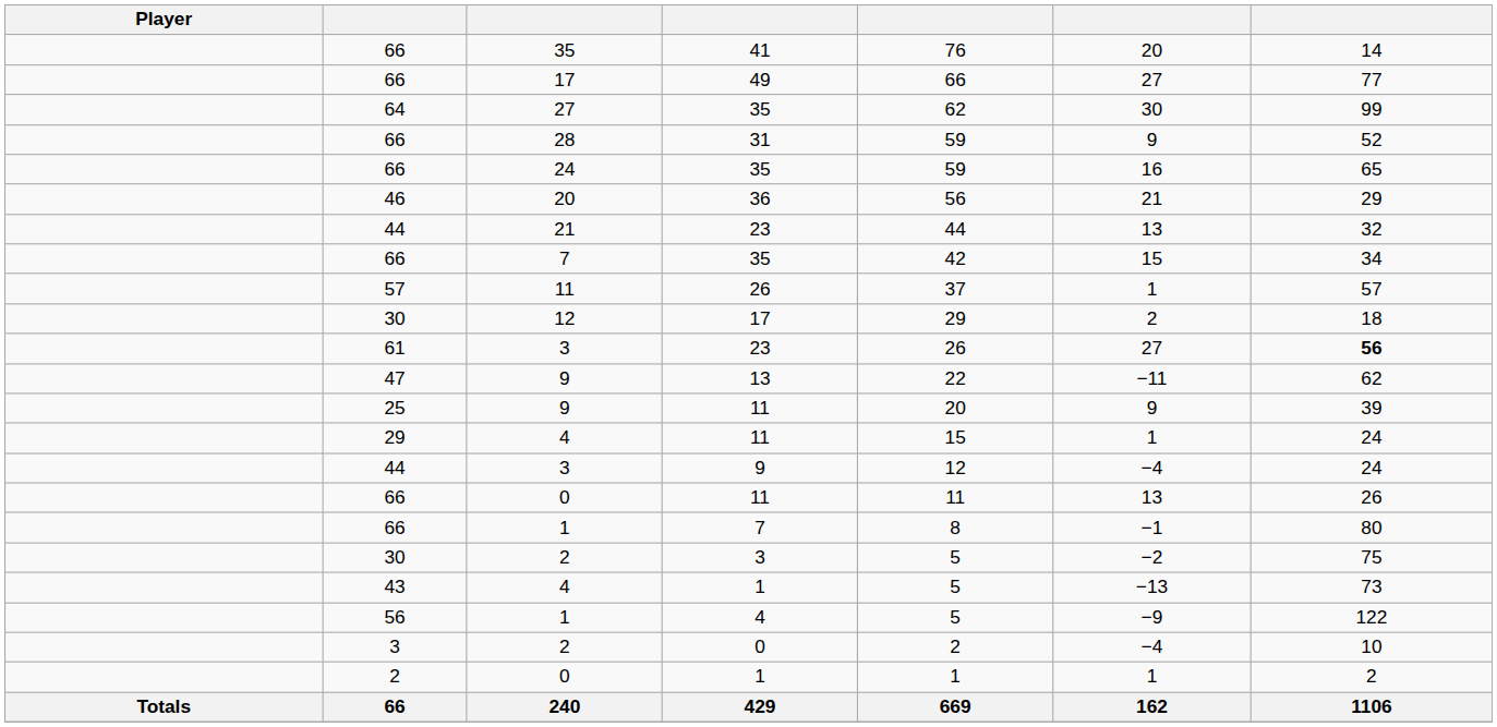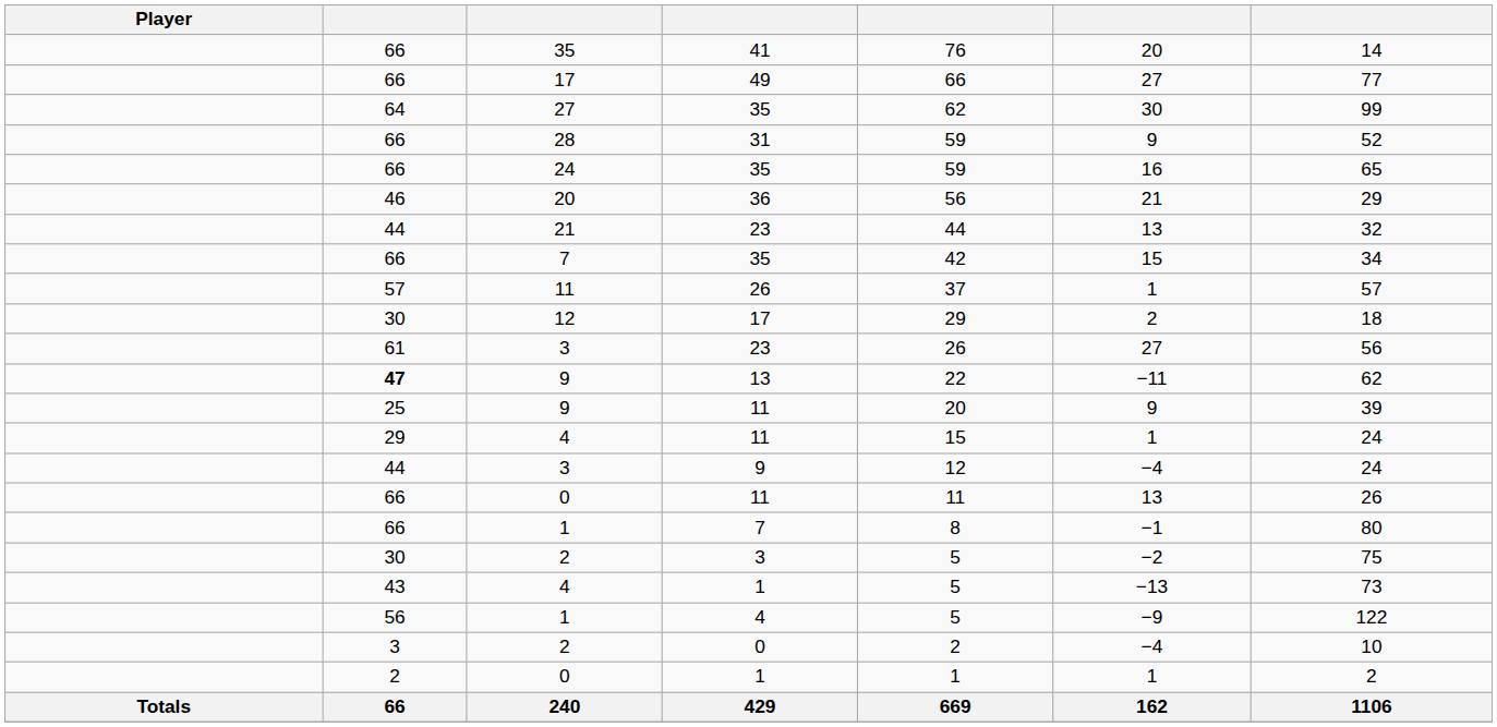 <table class="wikitable sortable" style="width:100%;">
 <tr align=center>
 <th>Player</th>
 <th></th>
 <th></th>
 <th></th>
 <th></th>
 <th data-sort-type="number"></th>
 <th></th>
 </tr>
 <tr align=center>
 <td></td>
 <td>66</td>
 <td>35</td>
 <td>41</td>
 <td>76</td>
 <td>20</td>
 <td>14</td>
 </tr>
 <tr align=center>
 <td></td>
 <td>66</td>
 <td>17</td>
 <td>49</td>
 <td>66</td>
 <td>27</td>
 <td>77</td>
 </tr>
 <tr align=center>
 <td></td>
 <td>64</td>
 <td>27</td>
 <td>35</td>
 <td>62</td>
 <td>30</td>
 <td>99</td>
 </tr>
 <tr align=center>
 <td></td>
 <td>66</td>
 <td>28</td>
 <td>31</td>
 <td>59</td>
 <td>9</td>
 <td>52</td>
 </tr>
 <tr align=center>
 <td></td>
 <td>66</td>
 <td>24</td>
 <td>35</td>
 <td>59</td>
 <td>16</td>
 <td>65</td>
 </tr>
 <tr align=center>
 <td></td>
 <td>46</td>
 <td>20</td>
 <td>36</td>
 <td>56</td>
 <td>21</td>
 <td>29</td>
 </tr>
 <tr align=center>
 <td></td>
 <td>44</td>
 <td>21</td>
 <td>23</td>
 <td>44</td>
 <td>13</td>
 <td>32</td>
 </tr>
 <tr align=center>
 <td></td>
 <td>66</td>
 <td>7</td>
 <td>35</td>
 <td>42</td>
 <td>15</td>
 <td>34</td>
 </tr>
 <tr align=center>
 <td></td>
 <td>57</td>
 <td>11</td>
 <td>26</td>
 <td>37</td>
 <td>1</td>
 <td>57</td>
 </tr>
 <tr align=center>
 <td></td>
 <td>30</td>
 <td>12</td>
 <td>17</td>
 <td>29</td>
 <td>2</td>
 <td>18</td>
 </tr>
 <tr align=center>
 <td></td>
 <td>61</td>
 <td>3</td>
 <td>23</td>
 <td>26</td>
 <td>27</td>
-<td><strong>56</strong></td>
+<td>56</td>
 </tr>
 <tr align=center>
 <td></td>
-<td>47</td>
+<td><strong>47</strong></td>
 <td>9</td>
 <td>13</td>
 <td>22</td>
 <td>−11</td>
 <td>62</td>
 </tr>
 <tr align=center>
 <td></td>
 <td>25</td>
 <td>9</td>
 <td>11</td>
 <td>20</td>
 <td>9</td>
 <td>39</td>
 </tr>
 <tr align=center>
 <td></td>
 <td>29</td>
 <td>4</td>
 <td>11</td>
 <td>15</td>
 <td>1</td>
 <td>24</td>
 </tr>
 <tr align=center>
 <td></td>
 <td>44</td>
 <td>3</td>
 <td>9</td>
 <td>12</td>
 <td>−4</td>
 <td>24</td>
 </tr>
 <tr align=center>
 <td></td>
 <td>66</td>
 <td>0</td>
 <td>11</td>
 <td>11</td>
 <td>13</td>
 <td>26</td>
 </tr>
 <tr align=center>
 <td></td>
 <td>66</td>
 <td>1</td>
 <td>7</td>
 <td>8</td>
 <td>−1</td>
 <td>80</td>
 </tr>
 <tr align=center>
 <td></td>
 <td>30</td>
 <td>2</td>
 <td>3</td>
 <td>5</td>
 <td>−2</td>
 <td>75</td>
 </tr>
 <tr align=center>
 <td></td>
 <td>43</td>
 <td>4</td>
 <td>1</td>
 <td>5</td>
 <td>−13</td>
 <td>73</td>
 </tr>
 <tr align=center>
 <td></td>
 <td>56</td>
 <td>1</td>
 <td>4</td>
 <td>5</td>
 <td>−9</td>
 <td>122</td>
 </tr>
 <tr align=center>
 <td></td>
 <td>3</td>
 <td>2</td>
 <td>0</td>
 <td>2</td>
 <td>−4</td>
 <td>10</td>
 </tr>
 <tr align=center>
 <td></td>
 <td>2</td>
 <td>0</td>
 <td>1</td>
 <td>1</td>
 <td>1</td>
 <td>2</td>
 </tr>
 <tr class="unsortable">
 <th>Totals</th>
 <th>66</th>
 <th>240</th>
 <th>429</th>
 <th>669</th>
 <th>162</th>
 <th>1106</th>
 </tr>
 <tr>
 </tr>
 </table>
